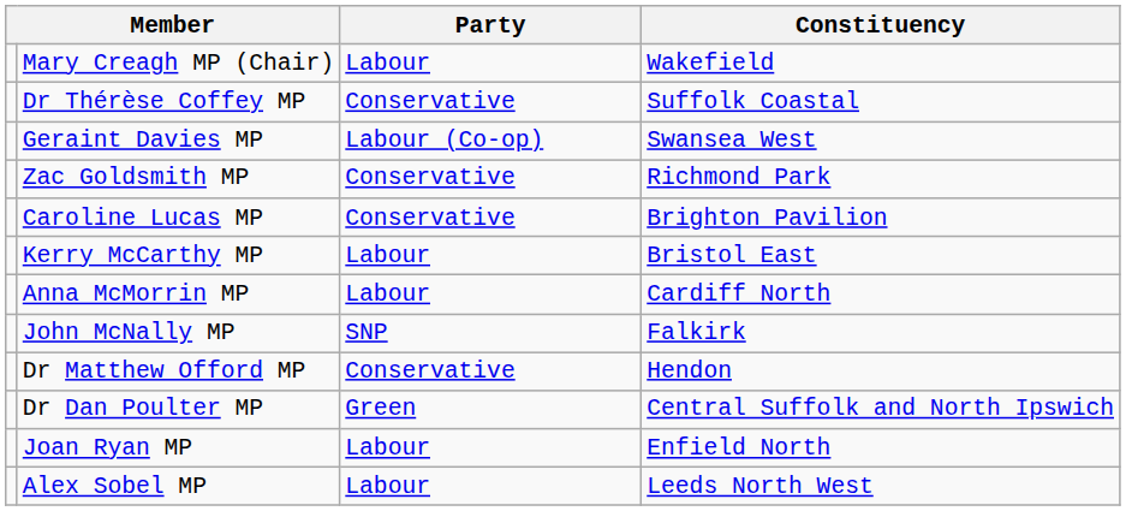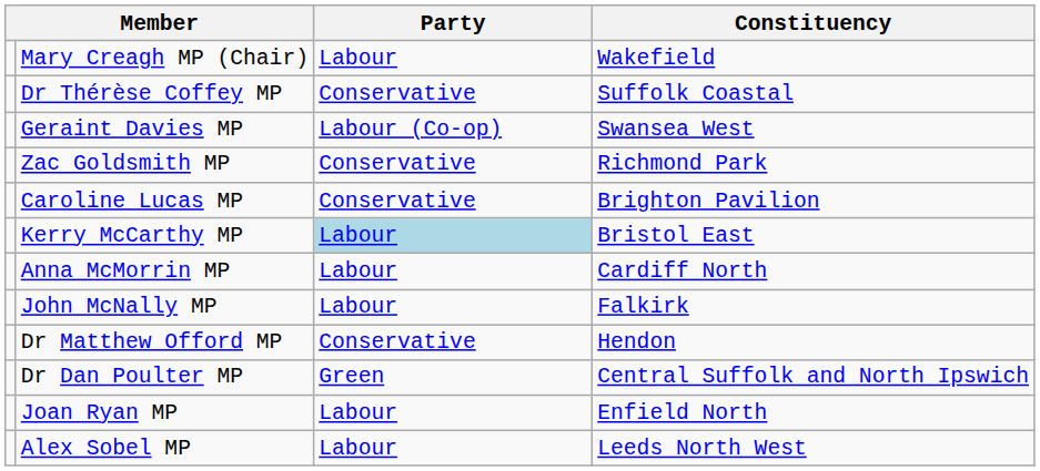 <table class="wikitable">
 <tr>
 <th colspan="2" valign="top" width="160px">Member</th>
 <th valign="top" width="160px">Party</th>
 <th valign="top">Constituency</th>
 </tr>
 <tr>
 <td style="color:inherit;background:"></td>
 <td><a href='#'>Mary Creagh</a> MP (Chair)</td>
 <td><a href='#'>Labour</a></td>
 <td><a href='#'>Wakefield</a></td>
 </tr>
 <tr>
 <td style="color:inherit;background:"></td>
 <td><a href='#'>Dr Thérèse Coffey</a> MP</td>
 <td><a href='#'>Conservative</a></td>
 <td><a href='#'>Suffolk Coastal</a></td>
 </tr>
 <tr>
 <td style="color:inherit;background:"></td>
 <td><a href='#'>Geraint Davies</a> MP</td>
 <td><a href='#'>Labour (Co-op)</a></td>
 <td><a href='#'>Swansea West</a></td>
 </tr>
 <tr>
 <td style="color:inherit;background:"></td>
 <td><a href='#'>Zac Goldsmith</a> MP</td>
 <td><a href='#'>Conservative</a></td>
 <td><a href='#'>Richmond Park</a></td>
 </tr>
 <tr>
 <td style="color:inherit;background:"></td>
 <td><a href='#'>Caroline Lucas</a> MP</td>
 <td><a href='#'>Conservative</a></td>
 <td><a href='#'>Brighton Pavilion</a></td>
 </tr>
 <tr>
 <td style="color:inherit;background:"></td>
 <td><a href='#'>Kerry McCarthy</a> MP</td>
-<td><a href='#'>Labour</a></td>
+<td style="background: lightblue;"><a href='#'>Labour</a></td>
 <td><a href='#'>Bristol East</a></td>
 </tr>
 <tr>
 <td style="color:inherit;background:"></td>
 <td><a href='#'>Anna McMorrin</a> MP</td>
 <td><a href='#'>Labour</a></td>
 <td><a href='#'>Cardiff North</a></td>
 </tr>
 <tr>
 <td style="color:inherit;background:"></td>
 <td><a href='#'>John McNally</a> MP</td>
-<td><a href='#'>SNP</a></td>
+<td><a href='#'>Labour</a></td>
 <td><a href='#'>Falkirk</a></td>
 </tr>
 <tr>
 <td style="color:inherit;background:"></td>
 <td>Dr <a href='#'>Matthew Offord</a> MP</td>
 <td><a href='#'>Conservative</a></td>
 <td><a href='#'>Hendon</a></td>
 </tr>
 <tr>
 <td style="color:inherit;background:"></td>
 <td>Dr <a href='#'>Dan Poulter</a> MP</td>
 <td><a href='#'>Green</a></td>
 <td><a href='#'>Central Suffolk and North Ipswich</a></td>
 </tr>
 <tr>
 <td style="color:inherit;background:"></td>
 <td><a href='#'>Joan Ryan</a> MP</td>
 <td><a href='#'>Labour</a></td>
 <td><a href='#'>Enfield North</a></td>
 </tr>
 <tr>
 <td style="color:inherit;background:"></td>
 <td><a href='#'>Alex Sobel</a> MP</td>
 <td><a href='#'>Labour</a></td>
 <td><a href='#'>Leeds North West</a></td>
 </tr>
 </table>
